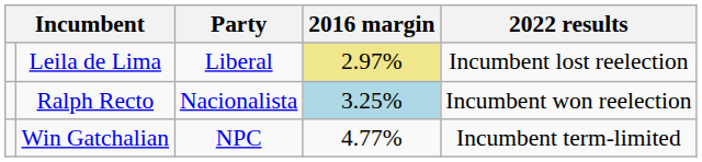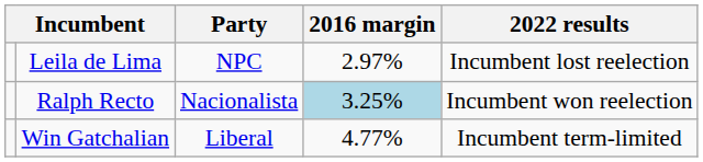 <table class="wikitable" style="font-size:98%; text-align:center;">
 <tr>
 <th colspan="2">Incumbent</th>
 <th>Party</th>
 <th>2016 margin</th>
 <th>2022 results</th>
 </tr>
 <tr>
 <td style="background:"></td>
 <td><a href='#'>Leila de Lima</a></td>
-<td><a href='#'>Liberal</a></td>
-<td style="background: khaki;">2.97%</td>
+<td><a href='#'>NPC</a></td>
+<td>2.97%</td>
 <td>Incumbent lost reelection</td>
 </tr>
 <tr>
 <td style="background:"></td>
 <td><a href='#'>Ralph Recto</a></td>
 <td><a href='#'>Nacionalista</a></td>
 <td style="background: lightblue;">3.25%</td>
 <td>Incumbent won reelection</td>
 </tr>
 <tr>
 <td style="background:"></td>
 <td><a href='#'>Win Gatchalian</a></td>
-<td><a href='#'>NPC</a></td>
+<td><a href='#'>Liberal</a></td>
 <td>4.77%</td>
 <td>Incumbent term-limited</td>
 </tr>
 </table>
